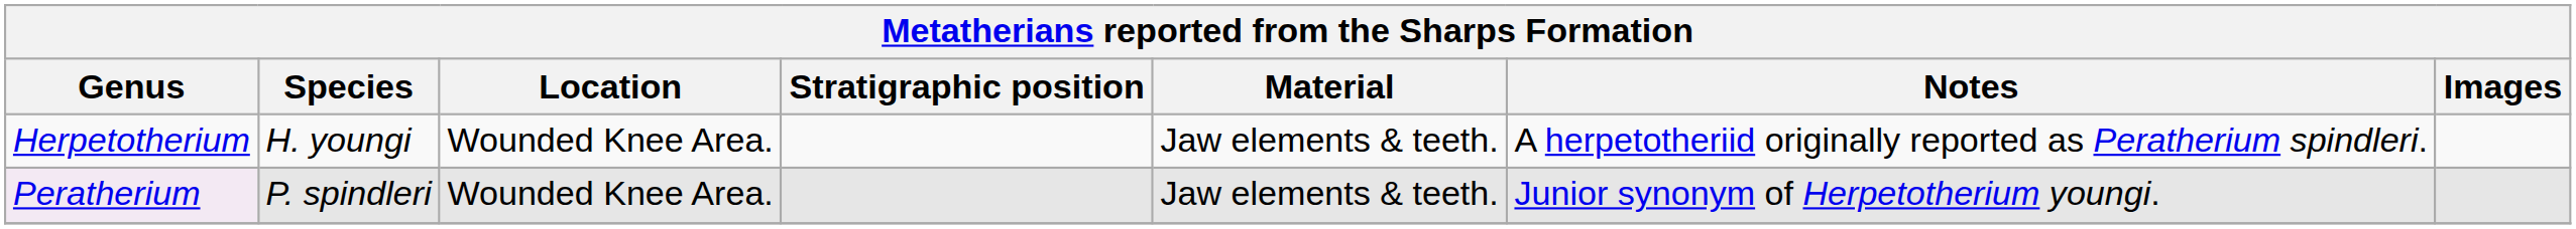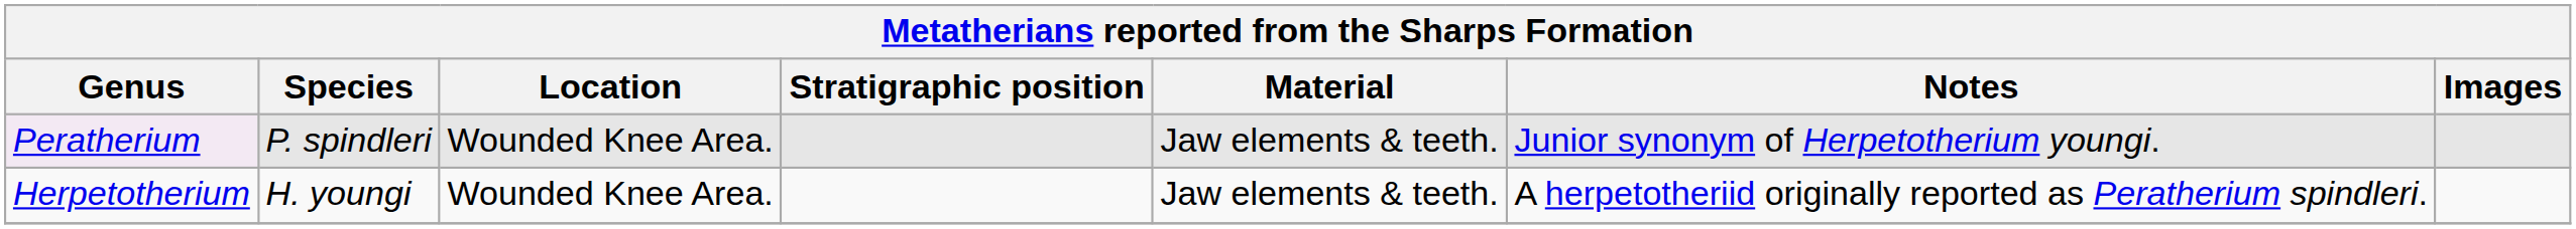 <table class="wikitable" align="center">
 <tr>
 <th colspan="7" align="center"><strong><a href='#'>Metatherians</a> reported from the Sharps Formation</strong></th>
 </tr>
 <tr>
 <th>Genus</th>
 <th>Species</th>
 <th>Location</th>
 <th><strong>Stratigraphic position</strong></th>
 <th><strong>Material</strong></th>
 <th>Notes</th>
 <th>Images</th>
 </tr>
 <tr>
+<td style="background:#f3e9f3;"><em><a href='#'>Peratherium</a></em></td>
+<td style="background:#E6E6E6;"><em>P. spindleri</em></td>
+<td style="background:#E6E6E6;">Wounded Knee Area.</td>
+<td style="background:#E6E6E6;"></td>
+<td style="background:#E6E6E6;">Jaw elements & teeth.</td>
+<td style="background:#E6E6E6;"><a href='#'>Junior synonym</a> of <em><a href='#'>Herpetotherium</a> youngi</em>.</td>
+<td style="background:#E6E6E6;"></td>
+</tr>
+<tr>
 <td><em><a href='#'>Herpetotherium</a></em></td>
 <td><em>H. youngi</em></td>
 <td>Wounded Knee Area.</td>
 <td></td>
 <td>Jaw elements & teeth.</td>
 <td>A <a href='#'>herpetotheriid</a> originally reported as <em><a href='#'>Peratherium</a> spindleri</em>.</td>
 <td></td>
 </tr>
 <tr>
-<td style="background:#f3e9f3;"><em><a href='#'>Peratherium</a></em></td>
-<td style="background:#E6E6E6;"><em>P. spindleri</em></td>
-<td style="background:#E6E6E6;">Wounded Knee Area.</td>
-<td style="background:#E6E6E6;"></td>
-<td style="background:#E6E6E6;">Jaw elements & teeth.</td>
-<td style="background:#E6E6E6;"><a href='#'>Junior synonym</a> of <em><a href='#'>Herpetotherium</a> youngi</em>.</td>
-<td style="background:#E6E6E6;"></td>
-</tr>
-<tr>
 </tr>
 </table>
